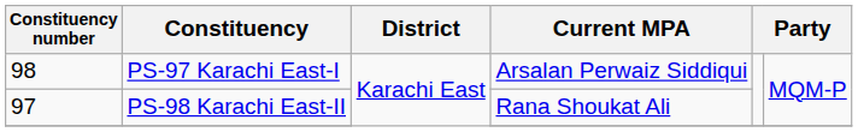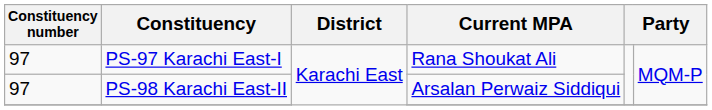 <table class="wikitable">
 <tr>
 <th width="50px" style="font-size:75%">Constituency number</th>
 <th>Constituency</th>
 <th>District</th>
 <th>Current MPA</th>
 <th colspan="2">Party</th>
 </tr>
 <tr>
-<td>98</td>
+<td>97</td>
 <td><a href='#'>PS-97 Karachi East-I</a></td>
 <td rowspan="3"><a href='#'>Karachi East</a></td>
-<td><a href='#'>Arsalan Perwaiz Siddiqui</a></td>
+<td><a href='#'>Rana Shoukat Ali</a></td>
 <td rowspan="2"></td>
 <td rowspan="2"><a href='#'>MQM-P</a></td>
 </tr>
 <tr>
 <td>97</td>
 <td><a href='#'>PS-98 Karachi East-II</a></td>
-<td><a href='#'>Rana Shoukat Ali</a></td>
+<td><a href='#'>Arsalan Perwaiz Siddiqui</a></td>
 </tr>
 <tr>
 </tr>
 </table>
